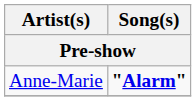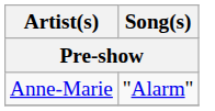 <table class="wikitable">
 <tr>
 <th>Artist(s)</th>
 <th>Song(s)</th>
 </tr>
 <tr>
 <th colspan=2>Pre-show</th>
 </tr>
 <tr>
 <td><a href='#'>Anne-Marie</a></td>
-<td><strong>"<a href='#'>Alarm</a>"</strong></td>
+<td>"<a href='#'>Alarm</a>"</td>
 </tr>
 <tr>
 </tr>
 </table>
